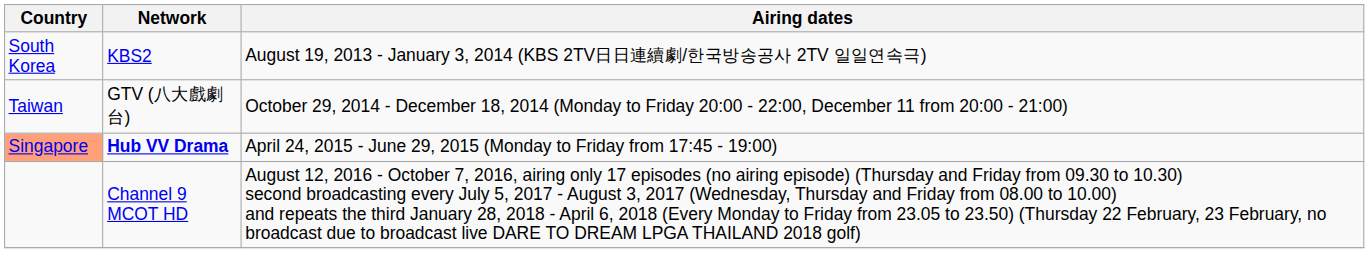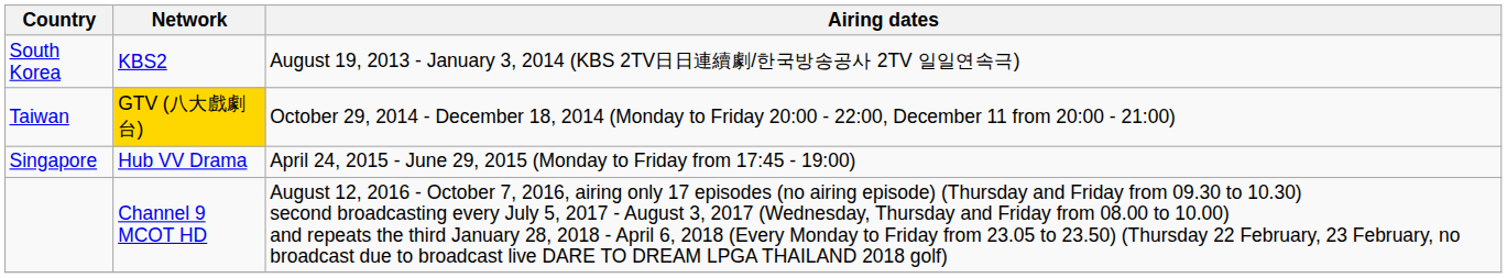 <table class="wikitable">
 <tr>
 <th>Country</th>
 <th>Network</th>
 <th>Airing dates</th>
 </tr>
 <tr>
 <td> <a href='#'>South Korea</a></td>
 <td><a href='#'>KBS2</a></td>
 <td>August 19, 2013 - January 3, 2014 (KBS 2TV日日連續劇/한국방송공사 2TV 일일연속극)</td>
 </tr>
 <tr>
 <td> <a href='#'>Taiwan</a></td>
-<td>GTV (八大戲劇台)</td>
+<td style="background: gold;">GTV (八大戲劇台)</td>
 <td>October 29, 2014 - December 18, 2014 (Monday to Friday 20:00 - 22:00, December 11 from 20:00 - 21:00)</td>
 </tr>
 <tr>
-<td style="background: lightsalmon;"> <a href='#'>Singapore</a></td>
-<td><strong><a href='#'>Hub VV Drama</a></strong></td>
+<td> <a href='#'>Singapore</a></td>
+<td><a href='#'>Hub VV Drama</a></td>
 <td>April 24, 2015 - June 29, 2015 (Monday to Friday from 17:45 - 19:00)</td>
 </tr>
 <tr>
 <td></td>
 <td><a href='#'>Channel 9 MCOT HD</a></td>
 <td>August 12, 2016 - October 7, 2016, airing only 17 episodes (no airing episode) (Thursday and Friday from 09.30 to 10.30)<br>second broadcasting every July 5, 2017 - August 3, 2017 (Wednesday, Thursday and Friday from 08.00 to 10.00)<br>and repeats the third January 28, 2018 - April 6, 2018 (Every Monday to Friday from 23.05 to 23.50) (Thursday 22 February, 23 February, no broadcast due to broadcast live DARE TO DREAM LPGA THAILAND 2018 golf)</td>
 </tr>
 <tr>
 </tr>
 </table>
